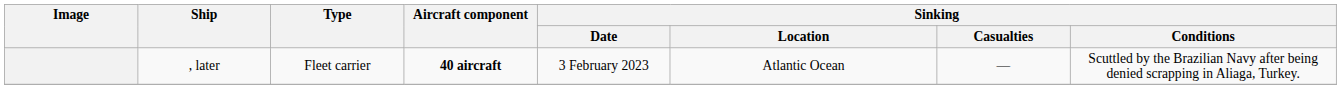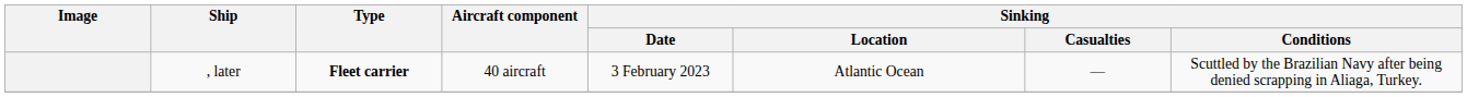 <table class="wikitable plainrowheaders" style="text-align: center;">
 <tr valign="top">
 <th scope="col" style="width:10%;" rowspan="2">Image</th>
 <th scope="col" style="width:10%;" rowspan="2">Ship</th>
 <th scope="col" style="width:10%;" rowspan="2">Type</th>
 <th scope="col" style="width:10%;" rowspan="2">Aircraft component</th>
 <th scope="col" style="width:60%;" colspan="4">Sinking</th>
 </tr>
 <tr valign="top">
 <th scope="col" style="width:10%;">Date</th>
 <th scope="col" style="width:20%;">Location</th>
 <th scope="col" style="width:10%;">Casualties</th>
 <th scope="col" style="width:30%;">Conditions</th>
 </tr>
 <tr>
 <th scope="row"></th>
 <td>, later </td>
-<td>Fleet carrier</td>
-<td><strong>40 aircraft</strong></td>
+<td><strong>Fleet carrier</strong></td>
+<td>40 aircraft</td>
 <td>3 February 2023</td>
 <td>Atlantic Ocean</td>
 <td>—</td>
 <td>Scuttled by the Brazilian Navy after being denied scrapping in Aliaga, Turkey.</td>
 </tr>
 <tr>
 </tr>
 </table>
